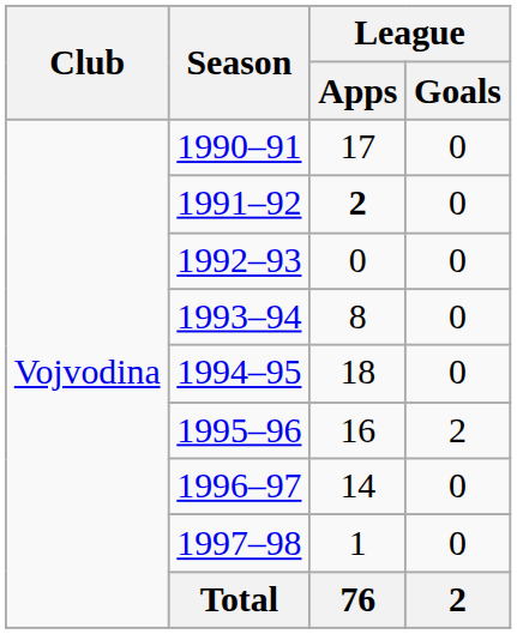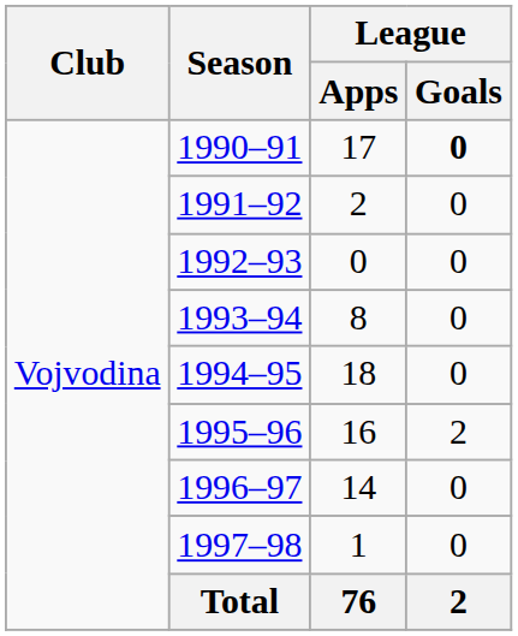 <table class="wikitable" style="text-align:center">
 <tr>
 <th rowspan="2">Club</th>
 <th rowspan="2">Season</th>
 <th colspan="2">League</th>
 </tr>
 <tr>
 <th>Apps</th>
 <th>Goals</th>
 </tr>
 <tr>
 <td rowspan="9"><a href='#'>Vojvodina</a></td>
 <td><a href='#'>1990–91</a></td>
 <td>17</td>
-<td>0</td>
+<td><strong>0</strong></td>
 </tr>
 <tr>
 <td><a href='#'>1991–92</a></td>
-<td><strong>2</strong></td>
+<td>2</td>
 <td>0</td>
 </tr>
 <tr>
 <td><a href='#'>1992–93</a></td>
 <td>0</td>
 <td>0</td>
 </tr>
 <tr>
 <td><a href='#'>1993–94</a></td>
 <td>8</td>
 <td>0</td>
 </tr>
 <tr>
 <td><a href='#'>1994–95</a></td>
 <td>18</td>
 <td>0</td>
 </tr>
 <tr>
 <td><a href='#'>1995–96</a></td>
 <td>16</td>
 <td>2</td>
 </tr>
 <tr>
 <td><a href='#'>1996–97</a></td>
 <td>14</td>
 <td>0</td>
 </tr>
 <tr>
 <td><a href='#'>1997–98</a></td>
 <td>1</td>
 <td>0</td>
 </tr>
 <tr>
 <th>Total</th>
 <th>76</th>
 <th>2</th>
 </tr>
 </table>
